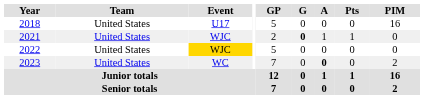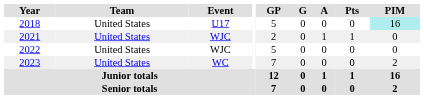 <table border="0" cellpadding="1" cellspacing="0" ID="Table3" style="text-align:center; width:40em">
 <tr bgcolor="#e0e0e0">
 <th>Year</th>
 <th>Team</th>
 <th>Event</th>
 <th rowspan="102" bgcolor="#ffffff"></th>
 <th>GP</th>
 <th>G</th>
 <th>A</th>
 <th>Pts</th>
 <th>PIM</th>
 </tr>
 <tr>
 <td><a href='#'>2018</a></td>
 <td>United States</td>
 <td><a href='#'>U17</a></td>
 <td>5</td>
 <td>0</td>
 <td>0</td>
 <td>0</td>
-<td>16</td>
+<td style="background: paleturquoise;">16</td>
 </tr>
 <tr bgcolor="#f0f0f0">
 <td><a href='#'>2021</a></td>
 <td><a href='#'>United States</a></td>
 <td><a href='#'>WJC</a></td>
 <td>2</td>
-<td><strong>0</strong></td>
+<td>0</td>
 <td>1</td>
 <td>1</td>
 <td>0</td>
 </tr>
 <tr>
 <td><a href='#'>2022</a></td>
 <td>United States</td>
-<td style="background: gold;">WJC</td>
+<td>WJC</td>
 <td>5</td>
 <td>0</td>
 <td>0</td>
 <td>0</td>
 <td>0</td>
 </tr>
 <tr bgcolor="#f0f0f0">
 <td><a href='#'>2023</a></td>
 <td><a href='#'>United States</a></td>
 <td><a href='#'>WC</a></td>
 <td>7</td>
 <td>0</td>
-<td><strong>0</strong></td>
+<td>0</td>
 <td>0</td>
 <td>2</td>
 </tr>
 <tr bgcolor="#e0e0e0">
 <th colspan="4">Junior totals</th>
 <th>12</th>
 <th>0</th>
 <th>1</th>
 <th>1</th>
 <th>16</th>
 </tr>
 <tr bgcolor="#e0e0e0">
 <th colspan="4">Senior totals</th>
 <th>7</th>
 <th>0</th>
 <th>0</th>
 <th>0</th>
 <th>2</th>
 </tr>
 </table>
